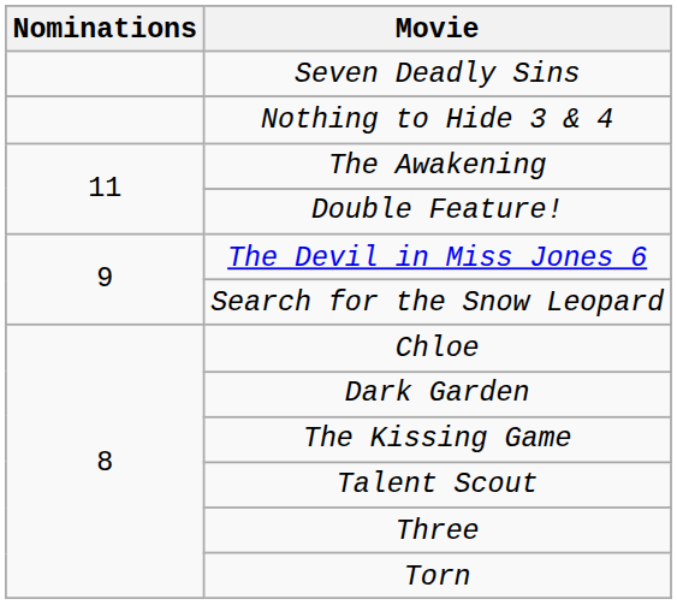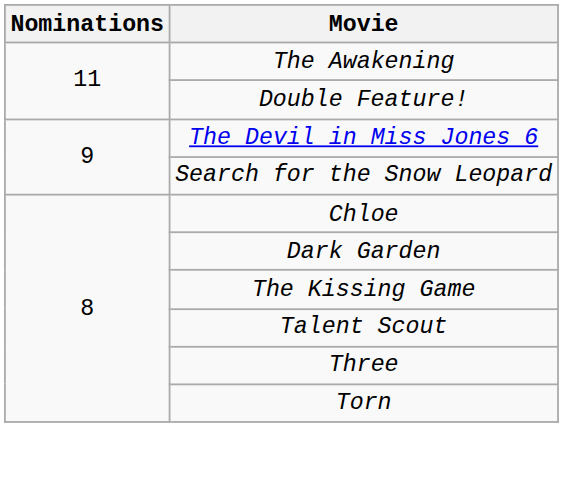 <table class="wikitable" style="text-align: center">
 <tr>
 <th scope="col" width="55">Nominations</th>
 <th scope="col" align="center">Movie</th>
-</tr>
-<tr>
-<td></td>
-<td><em>Seven Deadly Sins</em></td>
-</tr>
-<tr>
-<td></td>
-<td><em>Nothing to Hide 3 & 4</em></td>
 </tr>
 <tr>
 <td rowspan=2 style="text-align:center">11</td>
 <td><em>The Awakening</em></td>
 </tr>
 <tr>
 <td><em>Double Feature!</em></td>
 </tr>
 <tr>
 <td rowspan=2 style="text-align:center">9</td>
 <td><em><a href='#'>The Devil in Miss Jones 6</a></em></td>
 </tr>
 <tr>
 <td><em>Search for the Snow Leopard</em></td>
 </tr>
 <tr>
 <td rowspan=6 style="text-align:center">8</td>
 <td><em>Chloe</em></td>
 </tr>
 <tr>
 <td><em>Dark Garden</em></td>
 </tr>
 <tr>
 <td><em>The Kissing Game</em></td>
 </tr>
 <tr>
 <td><em>Talent Scout</em></td>
 </tr>
 <tr>
 <td><em>Three</em></td>
 </tr>
 <tr>
 <td><em>Torn</em></td>
 </tr>
 </table>
